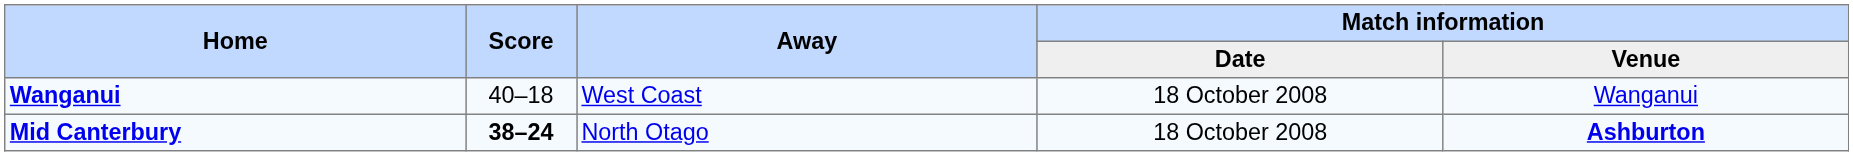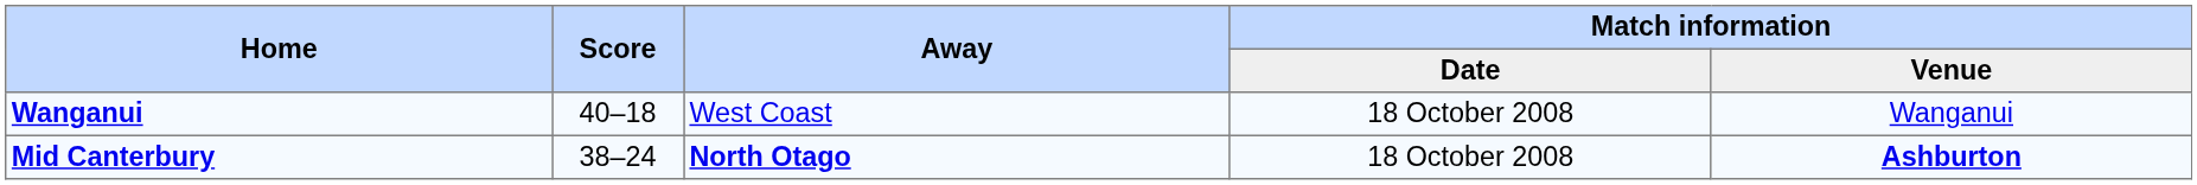 <table border=1 style="border-collapse:collapse;text-align:center" cellpadding=3 cellspacing=0 width=100%>
 <tr bgcolor=#C1D8FF>
 <th rowspan=2 width=25%>Home</th>
 <th rowspan=2 width=6%>Score</th>
 <th rowspan=2 width=25%>Away</th>
 <th colspan=6>Match information</th>
 </tr>
 <tr bgcolor=#EFEFEF>
 <th width=22%>Date</th>
 <th width=22%>Venue</th>
 </tr>
 <tr bgcolor=#F5FAFF>
 <td align=left><strong><a href='#'>Wanganui</a></strong></td>
 <td>40–18</td>
 <td align=left><a href='#'>West Coast</a></td>
 <td>18 October 2008</td>
 <td><a href='#'>Wanganui</a></td>
 </tr>
 <tr bgcolor=#F5FAFF>
 <td align=left><strong><a href='#'>Mid Canterbury</a></strong></td>
-<td><strong>38–24</strong></td>
-<td align=left><a href='#'>North Otago</a></td>
+<td>38–24</td>
+<td align=left><strong><a href='#'>North Otago</a></strong></td>
 <td>18 October 2008</td>
 <td><strong><a href='#'>Ashburton</a></strong></td>
 </tr>
 </table>
